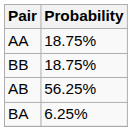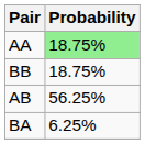 <table class="wikitable">
 <tr>
 <th>Pair</th>
 <th>Probability</th>
 </tr>
 <tr>
 <td>AA</td>
-<td>18.75%</td>
+<td style="background: lightgreen;">18.75%</td>
 </tr>
 <tr>
 <td>BB</td>
 <td>18.75%</td>
 </tr>
 <tr>
 <td>AB</td>
 <td>56.25%</td>
 </tr>
 <tr>
 <td>BA</td>
 <td>6.25%</td>
 </tr>
 <tr>
 </tr>
 </table>
